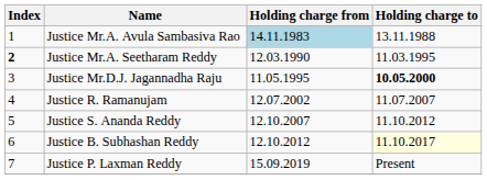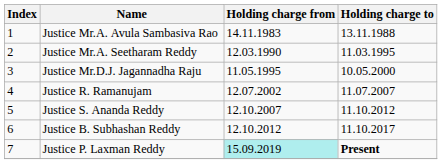 <table class="wikitable">
 <tr>
 <th>Index</th>
 <th>Name</th>
 <th>Holding charge from</th>
 <th>Holding charge to</th>
 </tr>
 <tr>
 <td>1</td>
 <td>Justice Mr.A. Avula Sambasiva Rao </td>
-<td style="background: lightblue;">14.11.1983 </td>
+<td>14.11.1983 </td>
 <td>13.11.1988 </td>
 </tr>
 <tr>
-<td><strong>2</strong></td>
+<td>2</td>
 <td>Justice Mr.A. Seetharam Reddy </td>
 <td>12.03.1990 </td>
 <td>11.03.1995</td>
 </tr>
 <tr>
 <td>3</td>
 <td>Justice Mr.D.J. Jagannadha Raju </td>
 <td>11.05.1995 </td>
-<td><strong>10.05.2000 </strong></td>
+<td>10.05.2000 </td>
 </tr>
 <tr>
 <td>4</td>
 <td>Justice R. Ramanujam</td>
 <td>12.07.2002 </td>
 <td>11.07.2007 </td>
 </tr>
 <tr>
 <td>5</td>
 <td>Justice S. Ananda Reddy</td>
 <td>12.10.2007 </td>
 <td>11.10.2012 </td>
 </tr>
 <tr>
 <td>6</td>
 <td>Justice B. Subhashan Reddy </td>
 <td>12.10.2012</td>
-<td style="background: lightyellow;">11.10.2017 </td>
+<td>11.10.2017 </td>
 </tr>
 <tr>
 <td>7</td>
 <td>Justice P. Laxman Reddy </td>
-<td>15.09.2019</td>
-<td>Present</td>
+<td style="background: paleturquoise;">15.09.2019</td>
+<td><strong>Present</strong></td>
 </tr>
 <tr>
 </tr>
 </table>
